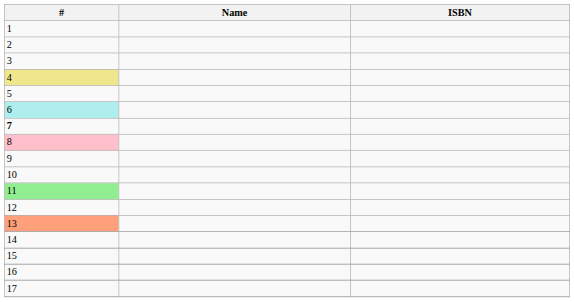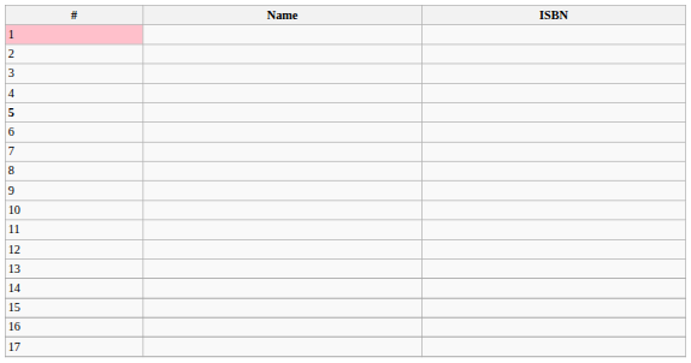 <table class="wikitable" width="100%">
 <tr>
 <th>#</th>
 <th>Name</th>
 <th>ISBN</th>
 </tr>
 <tr>
-<td>1</td>
+<td style="background: pink;">1</td>
 <td></td>
 <td><small></small></td>
 </tr>
 <tr>
 <td>2</td>
 <td></td>
 <td><small></small></td>
 </tr>
 <tr>
 <td>3</td>
 <td></td>
 <td><small></small></td>
 </tr>
 <tr>
-<td style="background: khaki;">4</td>
+<td>4</td>
 <td></td>
 <td><small></small></td>
 </tr>
 <tr>
-<td>5</td>
+<td><strong>5</strong></td>
 <td></td>
 <td><small></small></td>
 </tr>
 <tr>
-<td style="background: paleturquoise;">6</td>
+<td>6</td>
 <td></td>
 <td><small></small></td>
 </tr>
 <tr>
-<td><strong>7</strong></td>
+<td>7</td>
 <td></td>
 <td><small></small></td>
 </tr>
 <tr>
-<td style="background: pink;">8</td>
+<td>8</td>
 <td></td>
 <td><small></small></td>
 </tr>
 <tr>
 <td>9</td>
 <td></td>
 <td><small></small></td>
 </tr>
 <tr>
 <td>10</td>
 <td></td>
 <td><small></small></td>
 </tr>
 <tr>
-<td style="background: lightgreen;">11</td>
+<td>11</td>
 <td></td>
 <td><small></small></td>
 </tr>
 <tr>
 <td>12</td>
 <td></td>
 <td><small></small></td>
 </tr>
 <tr>
-<td style="background: lightsalmon;">13</td>
+<td>13</td>
 <td></td>
 <td><small></small></td>
 </tr>
 <tr>
 </tr>
 <tr>
 <td>14</td>
 <td></td>
 <td><small></small></td>
 </tr>
 <tr>
 </tr>
 <tr>
 <td>15</td>
 <td></td>
 <td><small></small></td>
 </tr>
 <tr>
 </tr>
 <tr>
 <td>16</td>
 <td></td>
 <td><small></small></td>
 </tr>
 <tr>
 </tr>
 <tr>
 <td>17</td>
 <td></td>
 <td><small></small></td>
 </tr>
 <tr>
 </tr>
 </table>
